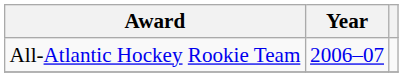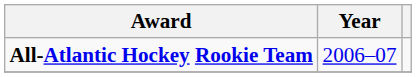 <table class="wikitable">
 <tr>
 <th>Award</th>
 <th>Year</th>
 <th></th>
 </tr>
 <tr>
-<td>All-<a href='#'>Atlantic Hockey</a> <a href='#'>Rookie Team</a></td>
+<td><strong>All-<a href='#'>Atlantic Hockey</a> <a href='#'>Rookie Team</a></strong></td>
 <td><a href='#'>2006–07</a></td>
 <td></td>
 </tr>
 <tr>
 </tr>
 </table>
